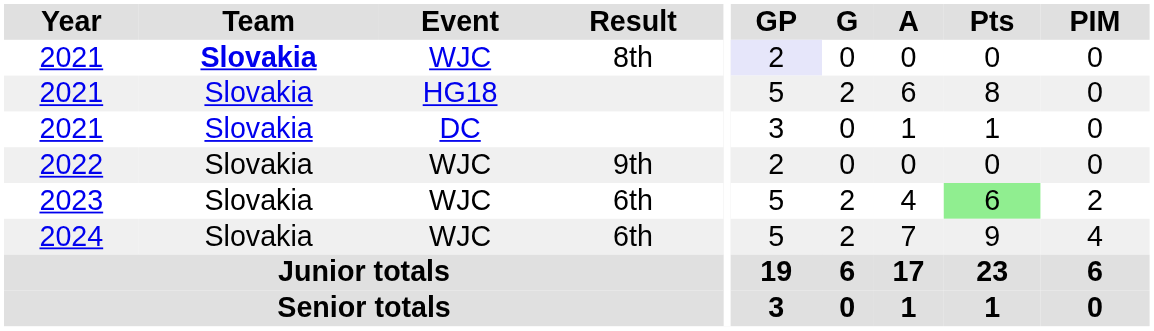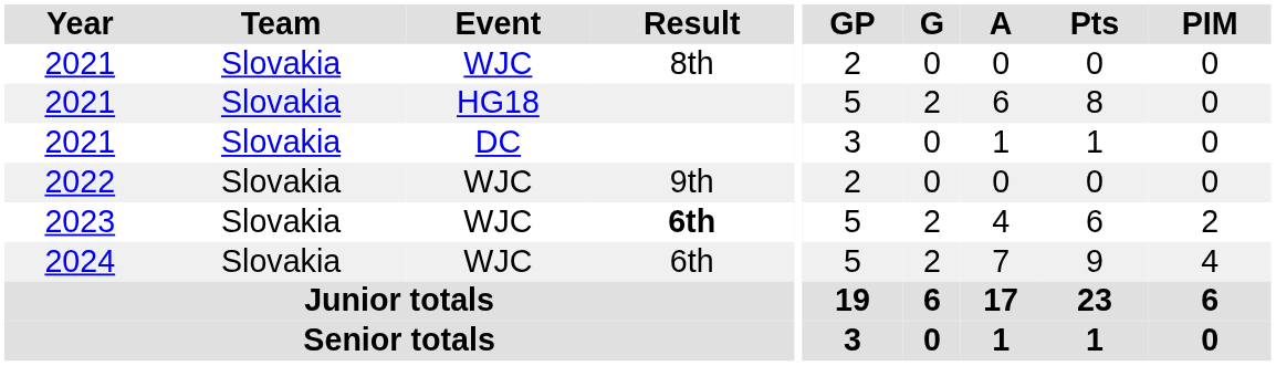 <table border="0" cellpadding="1" cellspacing="0" ID="Table3" style="text-align:center; width:40em;">
 <tr bgcolor="#e0e0e0">
 <th>Year</th>
 <th>Team</th>
 <th>Event</th>
 <th>Result</th>
 <th rowspan="100" bgcolor="#ffffff"></th>
 <th>GP</th>
 <th>G</th>
 <th>A</th>
 <th>Pts</th>
 <th>PIM</th>
 </tr>
 <tr>
 <td><a href='#'>2021</a></td>
-<td><strong><a href='#'>Slovakia</a></strong></td>
+<td><a href='#'>Slovakia</a></td>
 <td><a href='#'>WJC</a></td>
 <td>8th</td>
-<td style="background: lavender;">2</td>
+<td>2</td>
 <td>0</td>
 <td>0</td>
 <td>0</td>
 <td>0</td>
 </tr>
 <tr bgcolor="#f0f0f0">
 <td><a href='#'>2021</a></td>
 <td><a href='#'>Slovakia</a></td>
 <td><a href='#'>HG18</a></td>
 <td></td>
 <td>5</td>
 <td>2</td>
 <td>6</td>
 <td>8</td>
 <td>0</td>
 </tr>
 <tr>
 <td><a href='#'>2021</a></td>
 <td><a href='#'>Slovakia</a></td>
 <td><a href='#'>DC</a></td>
 <td></td>
 <td>3</td>
 <td>0</td>
 <td>1</td>
 <td>1</td>
 <td>0</td>
 </tr>
 <tr bgcolor="#f0f0f0">
 <td><a href='#'>2022</a></td>
 <td>Slovakia</td>
 <td>WJC</td>
 <td>9th</td>
 <td>2</td>
 <td>0</td>
 <td>0</td>
 <td>0</td>
 <td>0</td>
 </tr>
 <tr>
 <td><a href='#'>2023</a></td>
 <td>Slovakia</td>
 <td>WJC</td>
-<td>6th</td>
+<td><strong>6th</strong></td>
 <td>5</td>
 <td>2</td>
 <td>4</td>
-<td style="background: lightgreen;">6</td>
+<td>6</td>
 <td>2</td>
 </tr>
 <tr bgcolor="#f0f0f0">
 <td><a href='#'>2024</a></td>
 <td>Slovakia</td>
 <td>WJC</td>
 <td>6th</td>
 <td>5</td>
 <td>2</td>
 <td>7</td>
 <td>9</td>
 <td>4</td>
 </tr>
 <tr>
 </tr>
 <tr bgcolor="#e0e0e0">
 <th colspan="4">Junior totals</th>
 <th>19</th>
 <th>6</th>
 <th>17</th>
 <th>23</th>
 <th>6</th>
 </tr>
 <tr bgcolor="#e0e0e0">
 <th colspan="4">Senior totals</th>
 <th>3</th>
 <th>0</th>
 <th>1</th>
 <th>1</th>
 <th>0</th>
 </tr>
 </table>
